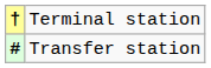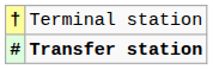 <table class="wikitable">
 <tr>
 <th scope=row style="background-color:#FFFF99">†</th>
 <td>Terminal station</td>
 </tr>
 <tr>
 <th scope=row style="background-color:#DDFFDD">#</th>
-<td>Transfer station</td>
+<td><strong>Transfer station</strong></td>
 </tr>
 </table>
